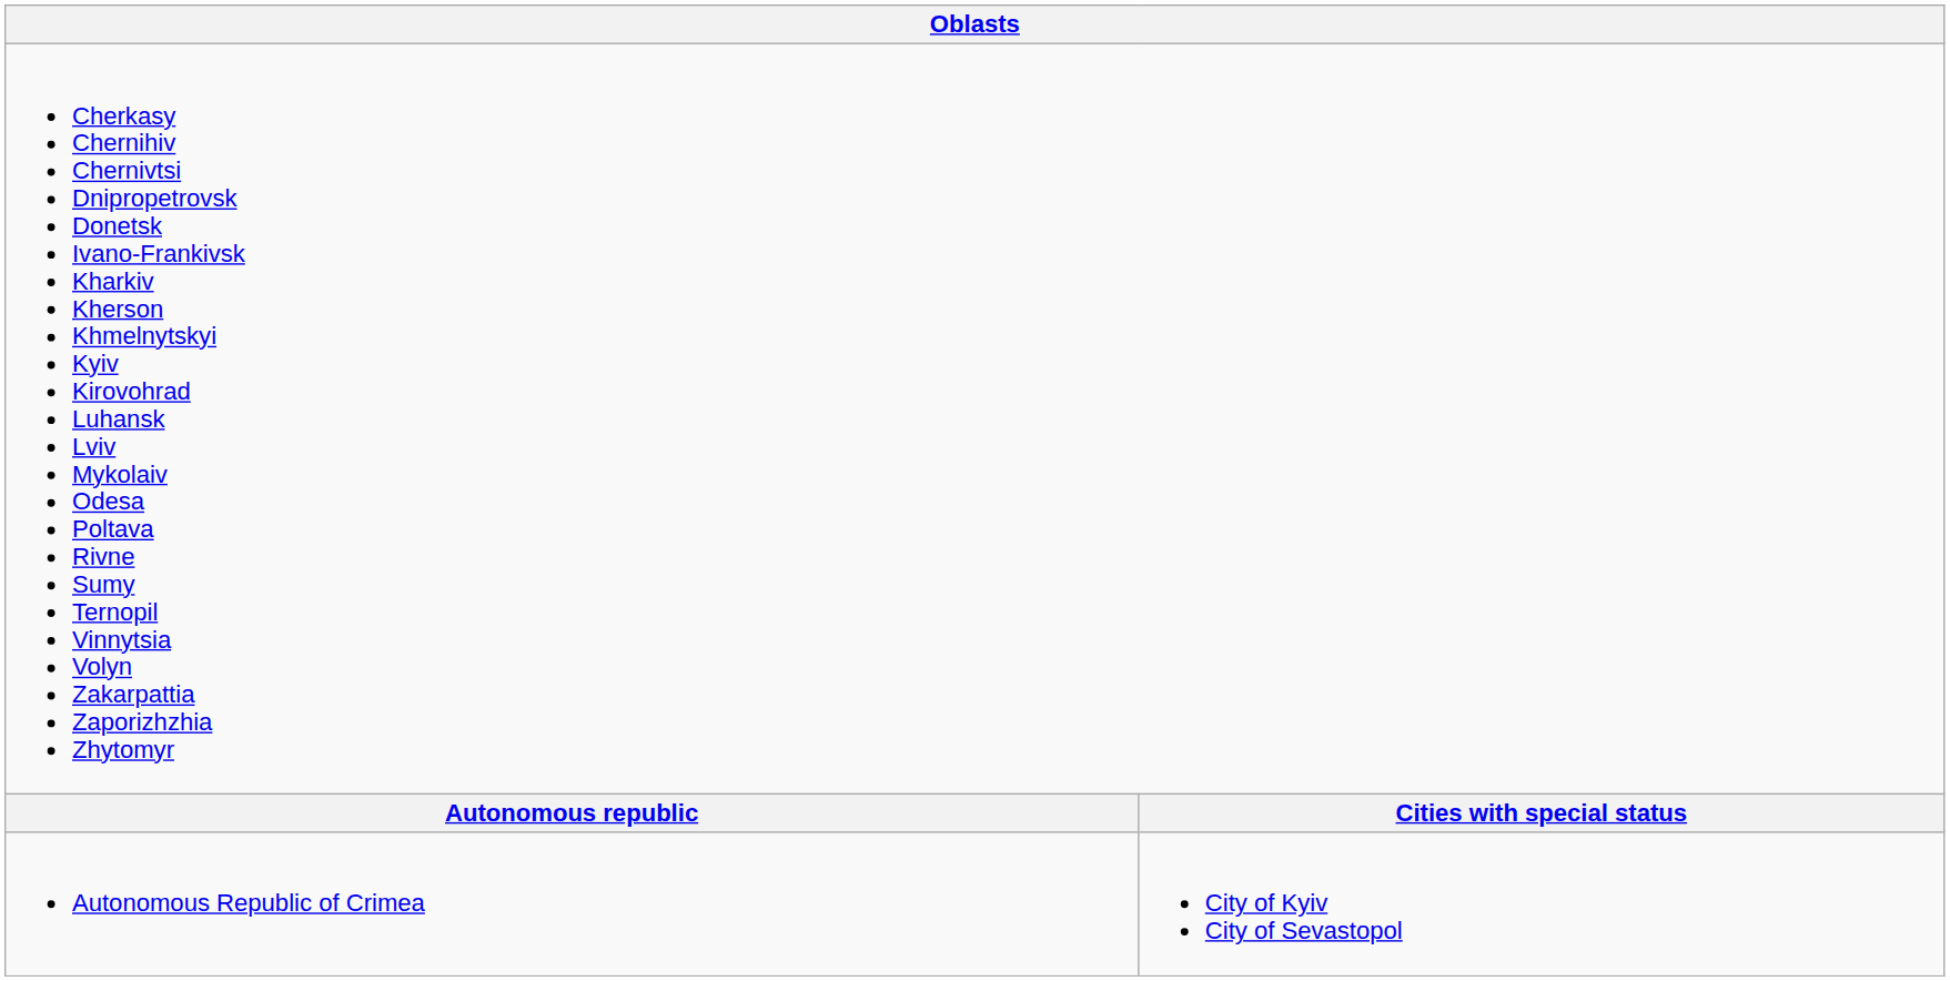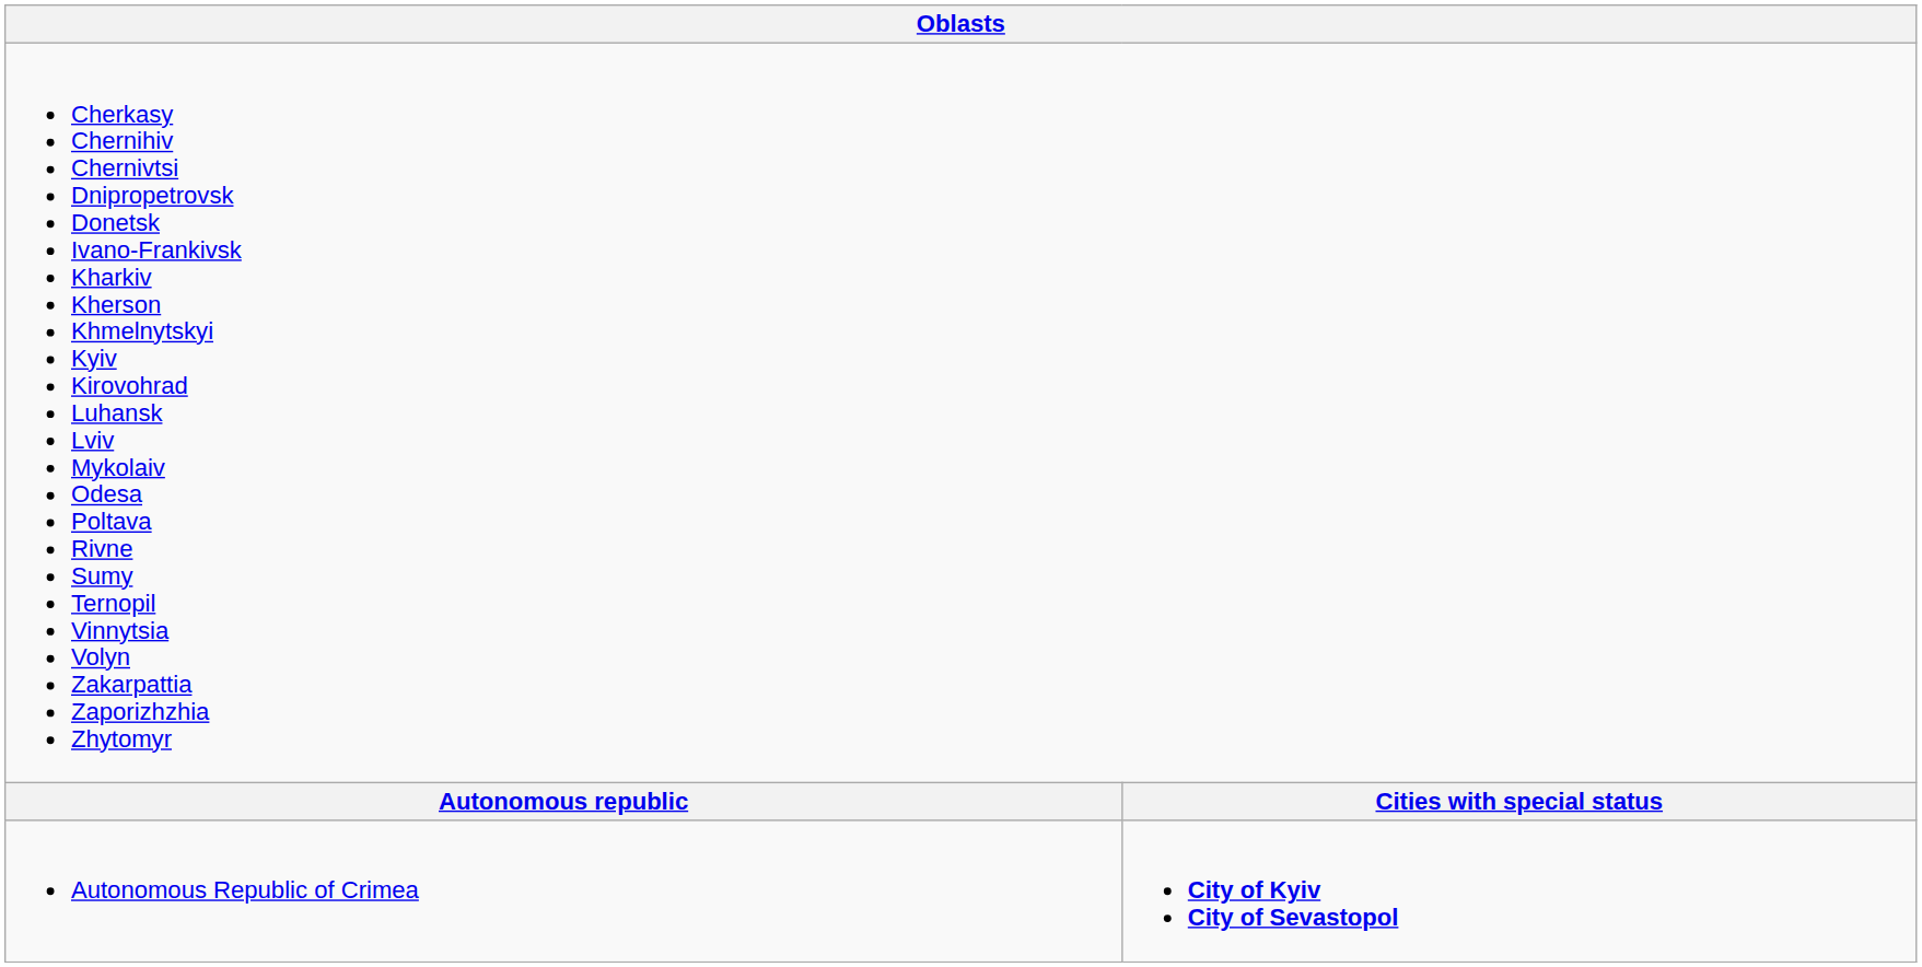 <table class="wikitable" style="margin: 1em 0em; min-width:80%;">
 <tr>
 <th colspan=2><a href='#'>Oblasts</a></th>
 </tr>
 <tr>
 <td colspan=2 style="vertical-align:top;"><br><ul><li><a href='#'>Cherkasy</a></li><li><a href='#'>Chernihiv</a></li><li><a href='#'>Chernivtsi</a></li><li><a href='#'>Dnipropetrovsk</a></li><li><a href='#'>Donetsk</a></li><li><a href='#'>Ivano-Frankivsk</a></li><li><a href='#'>Kharkiv</a></li><li><a href='#'>Kherson</a></li><li><a href='#'>Khmelnytskyi</a></li><li><a href='#'>Kyiv</a></li><li><a href='#'>Kirovohrad</a></li><li><a href='#'>Luhansk</a></li><li><a href='#'>Lviv</a></li><li><a href='#'>Mykolaiv</a></li><li><a href='#'>Odesa</a></li><li><a href='#'>Poltava</a></li><li><a href='#'>Rivne</a></li><li><a href='#'>Sumy</a></li><li><a href='#'>Ternopil</a></li><li><a href='#'>Vinnytsia</a></li><li><a href='#'>Volyn</a></li><li><a href='#'>Zakarpattia</a></li><li><a href='#'>Zaporizhzhia</a></li><li><a href='#'>Zhytomyr</a></li></ul></td>
 </tr>
 <tr>
 <th><a href='#'>Autonomous republic</a></th>
 <th><a href='#'>Cities with special status</a></th>
 </tr>
 <tr>
 <td style="vertical-align:top;"><br><ul><li><a href='#'>Autonomous Republic of Crimea</a></li></ul></td>
-<td style="vertical-align:top;"><br><ul><li><a href='#'>City of Kyiv</a></li><li><a href='#'>City of Sevastopol</a></li></ul></td>
+<td style="vertical-align:top;"><strong><br><ul><li><a href='#'>City of Kyiv</a></li><li><a href='#'>City of Sevastopol</a></li></ul></strong></td>
 </tr>
 </table>
